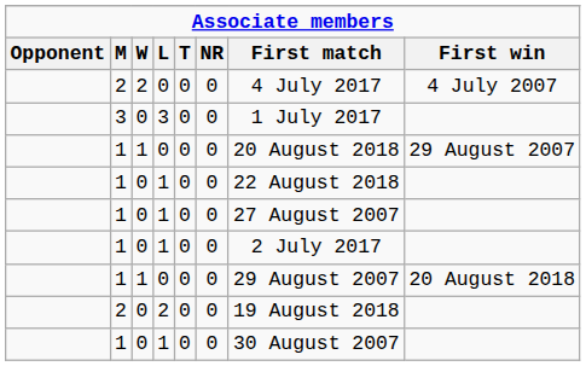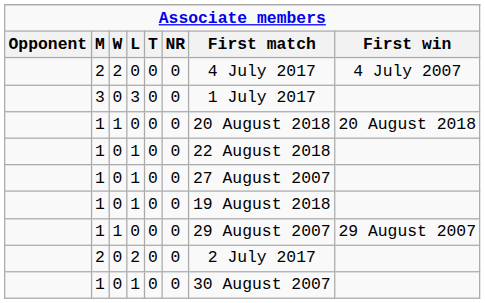 <table class="wikitable" style="text-align: center;">
 <tr>
 </tr>
 <tr>
 <td colspan="30" style="text-align: center;"><strong><a href='#'>Associate members</a></strong></td>
 </tr>
 <tr>
 <th>Opponent</th>
 <th>M</th>
 <th>W</th>
 <th>L</th>
 <th>T</th>
 <th>NR</th>
 <th>First match</th>
 <th>First win</th>
 </tr>
 <tr>
 <td></td>
 <td>2</td>
 <td>2</td>
 <td>0</td>
 <td>0</td>
 <td>0</td>
 <td>4 July 2017</td>
 <td>4 July 2007</td>
 </tr>
 <tr>
 <td></td>
 <td>3</td>
 <td>0</td>
 <td>3</td>
 <td>0</td>
 <td>0</td>
 <td>1 July 2017</td>
 <td></td>
 </tr>
 <tr>
 <td></td>
 <td>1</td>
 <td>1</td>
 <td>0</td>
 <td>0</td>
 <td>0</td>
 <td>20 August 2018</td>
-<td>29 August 2007</td>
+<td>20 August 2018</td>
 </tr>
 <tr>
 <td></td>
 <td>1</td>
 <td>0</td>
 <td>1</td>
 <td>0</td>
 <td>0</td>
 <td>22 August 2018</td>
 <td></td>
 </tr>
 <tr>
 <td></td>
 <td>1</td>
 <td>0</td>
 <td>1</td>
 <td>0</td>
 <td>0</td>
 <td>27 August 2007</td>
 <td></td>
 </tr>
 <tr>
 <td></td>
 <td>1</td>
 <td>0</td>
 <td>1</td>
 <td>0</td>
 <td>0</td>
-<td>2 July 2017</td>
+<td>19 August 2018</td>
 <td></td>
 </tr>
 <tr>
 <td></td>
 <td>1</td>
 <td>1</td>
 <td>0</td>
 <td>0</td>
 <td>0</td>
 <td>29 August 2007</td>
-<td>20 August 2018</td>
+<td>29 August 2007</td>
 </tr>
 <tr>
 <td></td>
 <td>2</td>
 <td>0</td>
 <td>2</td>
 <td>0</td>
 <td>0</td>
-<td>19 August 2018</td>
+<td>2 July 2017</td>
 <td></td>
 </tr>
 <tr>
 <td></td>
 <td>1</td>
 <td>0</td>
 <td>1</td>
 <td>0</td>
 <td>0</td>
 <td>30 August 2007</td>
 <td></td>
 </tr>
 </table>
